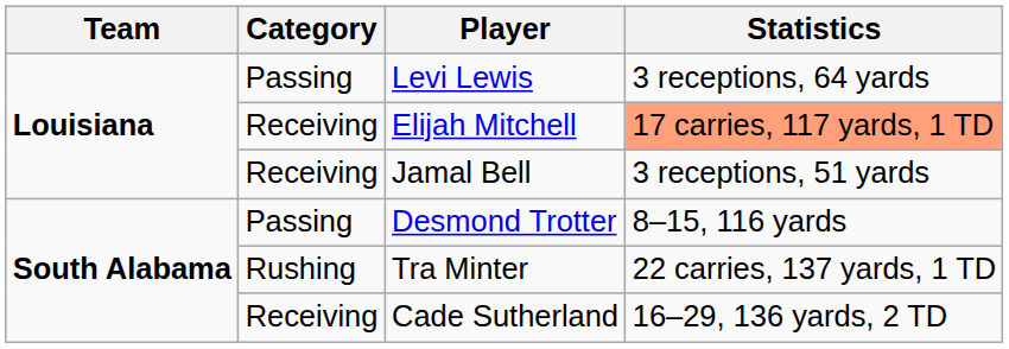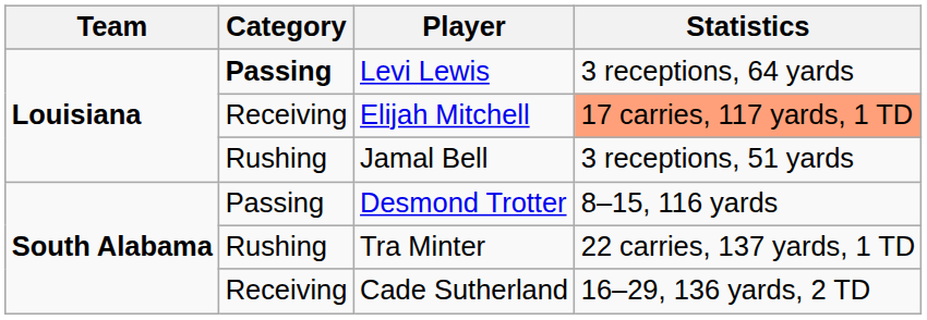 <table class="wikitable" style="float: left;">
 <tr>
 <th>Team</th>
 <th>Category</th>
 <th>Player</th>
 <th>Statistics</th>
 </tr>
 <tr>
 <td rowspan=3><strong>Louisiana</strong></td>
-<td>Passing</td>
+<td><strong>Passing</strong></td>
 <td><a href='#'>Levi Lewis</a></td>
 <td>3 receptions, 64 yards</td>
 </tr>
 <tr>
 <td>Receiving</td>
 <td><a href='#'>Elijah Mitchell</a></td>
 <td style="background: lightsalmon;">17 carries, 117 yards, 1 TD</td>
 </tr>
 <tr>
-<td>Receiving</td>
+<td>Rushing</td>
 <td>Jamal Bell</td>
 <td>3 receptions, 51 yards</td>
 </tr>
 <tr>
 <td rowspan=3><strong>South Alabama</strong></td>
 <td>Passing</td>
 <td><a href='#'>Desmond Trotter</a></td>
 <td>8–15, 116 yards</td>
 </tr>
 <tr>
 <td>Rushing</td>
 <td>Tra Minter</td>
 <td>22 carries, 137 yards, 1 TD</td>
 </tr>
 <tr>
 <td>Receiving</td>
 <td>Cade Sutherland</td>
 <td>16–29, 136 yards, 2 TD</td>
 </tr>
 </table>
